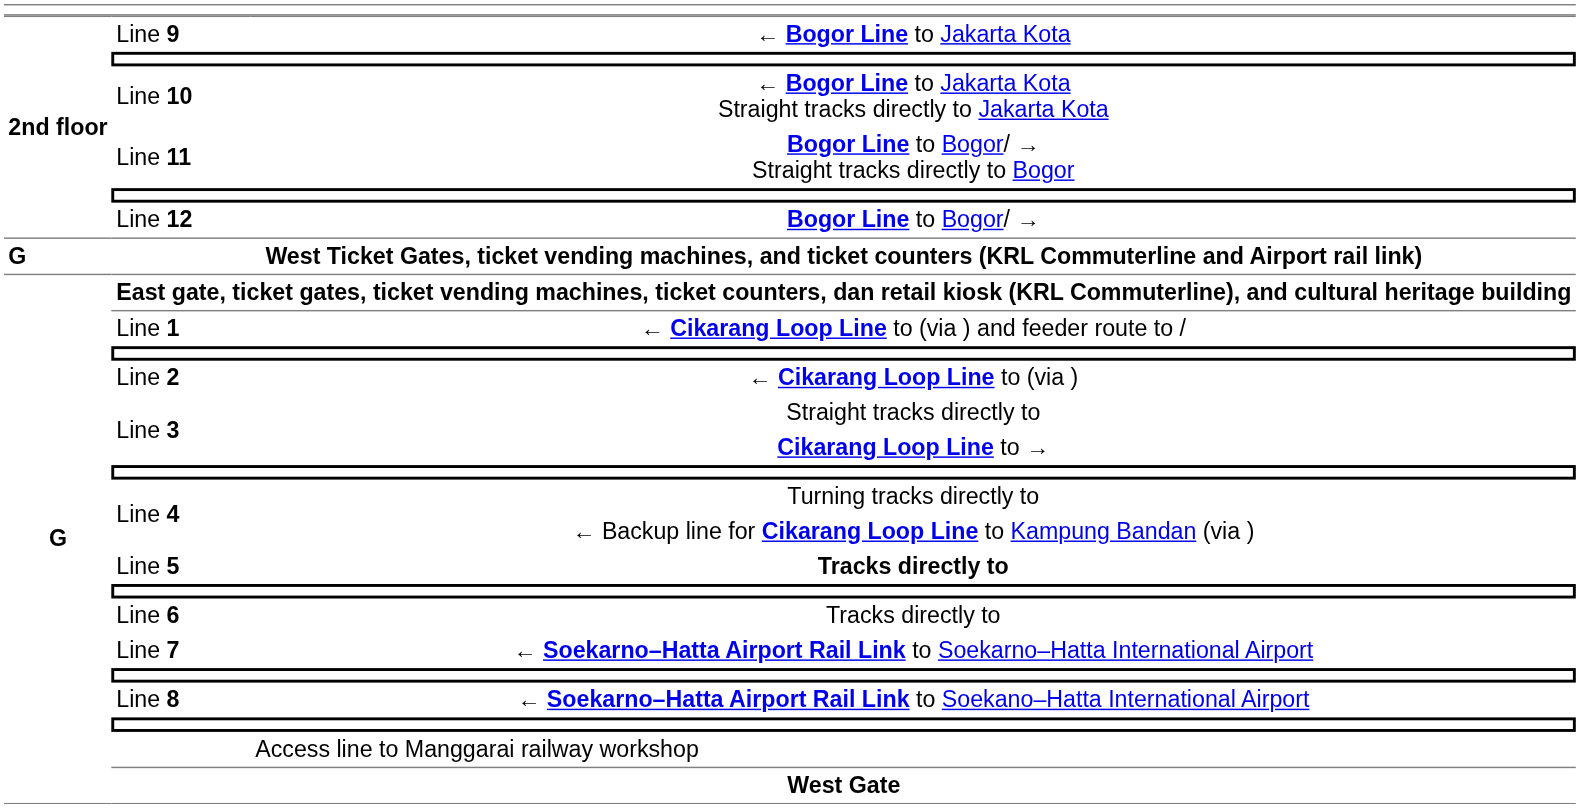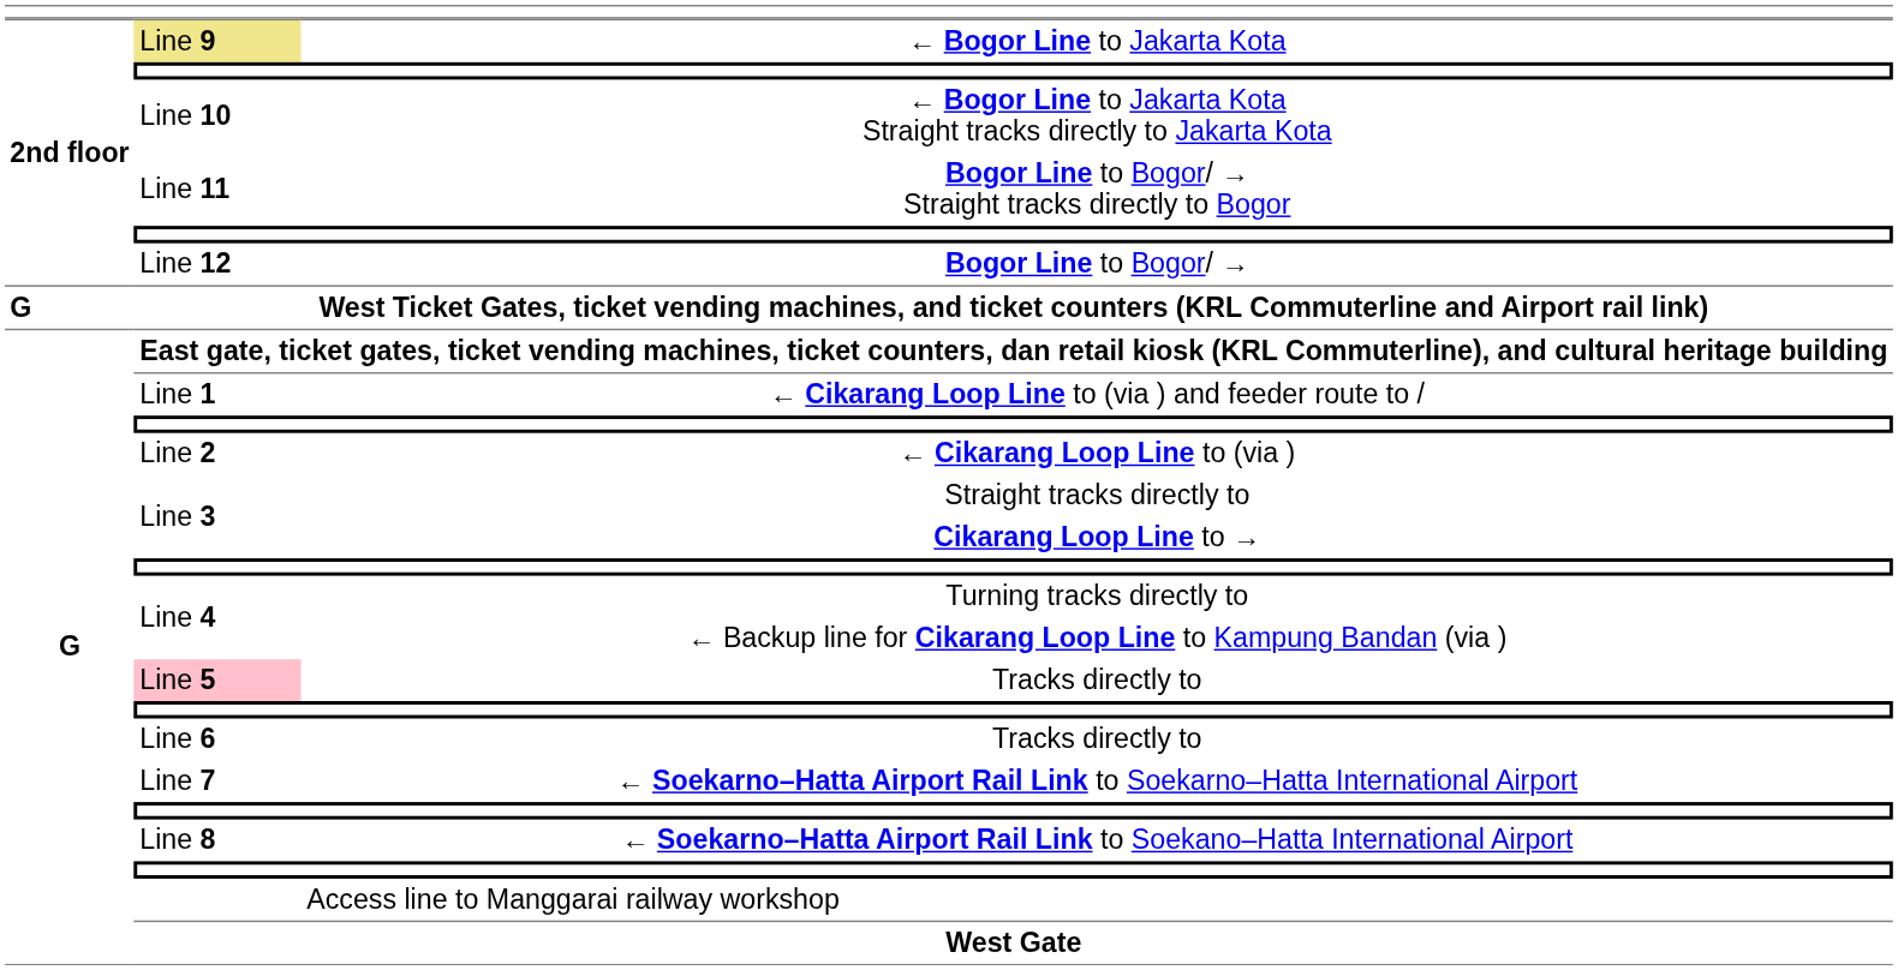 <table border=0 cellspacing=0 cellpadding=3>
 <tr>
 <td colspan="3" style="border-top:solid 1px gray;border-bottom:solid 1px gray;text-align:center">   </td>
 </tr>
 <tr>
 <td rowspan="6" style="border-top:solid 1px gray"><strong>2nd floor</strong></td>
-<td style="border-top:solid 1px gray">Line <strong>9</strong></td>
+<td style="background: khaki; border-top:solid 1px gray">Line <strong>9</strong></td>
 <td style="text-align:center;border-top:solid 1px gray">←   <a href='#'><strong>Bogor Line</strong></a> to <a href='#'>Jakarta Kota</a></td>
 </tr>
 <tr>
 <td colspan="2" style="text-align:center; border:solid 2px black"></td>
 </tr>
 <tr>
 <td>Line <strong>10</strong></td>
 <td style="text-align:center">←   <a href='#'><strong>Bogor Line</strong></a> to <a href='#'>Jakarta Kota</a><br>Straight tracks directly to <a href='#'>Jakarta Kota</a></td>
 </tr>
 <tr>
 <td>Line <strong>11</strong></td>
 <td style="text-align:center"> <strong><a href='#'>Bogor Line</a></strong> to <a href='#'>Bogor</a>/  →<br>Straight tracks directly to <a href='#'>Bogor</a></td>
 </tr>
 <tr>
 <td colspan="2" style="text-align:center; border:solid 2px black"></td>
 </tr>
 <tr>
 <td>Line <strong>12</strong></td>
 <td style="text-align:center"> <strong><a href='#'>Bogor Line</a></strong> to <a href='#'>Bogor</a>/  →</td>
 </tr>
 <tr>
 <td style="border-top:solid 1px gray"><strong>G</strong></td>
 <td colspan="2" style="text-align:center; border-top:solid 1px gray"><strong>West Ticket Gates, ticket vending machines, and ticket counters (KRL Commuterline and Airport rail link)</strong></td>
 </tr>
 <tr>
 <td rowspan="18" style="border-top:solid 1px gray;border-bottom:solid 1px gray;text-align:center"><strong>G</strong></td>
 <td colspan="2" style="text-align:center; border-top:solid 1px gray; border-bottom:solid 1px gray"><strong>East gate, ticket gates, ticket vending machines, ticket counters, dan retail kiosk (KRL Commuterline), and cultural heritage building</strong></td>
 </tr>
 <tr>
 <td>Line <strong>1</strong></td>
 <td style="text-align:center">←   <strong><a href='#'>Cikarang Loop Line</a></strong> to  (via ) and feeder route to /</td>
 </tr>
 <tr>
 <td colspan="2" style="text-align:center; border:solid 2px black"></td>
 </tr>
 <tr>
 <td>Line <strong>2</strong></td>
 <td style="text-align:center">←   <strong><a href='#'>Cikarang Loop Line</a></strong> to  (via )</td>
 </tr>
 <tr>
 <td rowspan="2">Line <strong>3</strong></td>
 <td style="text-align:center">Straight tracks directly to </td>
 </tr>
 <tr>
 <td style="text-align:center"> <strong><a href='#'>Cikarang Loop Line</a></strong> to   →</td>
 </tr>
 <tr>
 <td colspan="2" style="text-align:center; border:solid 2px black"></td>
 </tr>
 <tr>
 <td rowspan="2">Line <strong>4</strong></td>
 <td style="text-align:center">Turning tracks directly to </td>
 </tr>
 <tr>
 <td style="text-align:center">←  Backup line for  <strong><a href='#'>Cikarang Loop Line</a></strong> to <a href='#'>Kampung Bandan</a> (via )</td>
 </tr>
 <tr>
-<td>Line <strong>5</strong></td>
-<td style="text-align:center"><strong>Tracks directly to </strong></td>
+<td style="background: pink;">Line <strong>5</strong></td>
+<td style="text-align:center">Tracks directly to </td>
 </tr>
 <tr>
 <td colspan="2" style="text-align:center; border:solid 2px black"></td>
 </tr>
 <tr>
 <td>Line <strong>6</strong></td>
 <td style="text-align:center">Tracks directly to </td>
 </tr>
 <tr>
 <td>Line <strong>7</strong></td>
 <td style="text-align:center">←   <strong><a href='#'>Soekarno–Hatta Airport Rail Link</a></strong> to <a href='#'>Soekarno–Hatta International Airport</a></td>
 </tr>
 <tr>
 <td colspan="2" style="text-align:center; border:solid 2px black"></td>
 </tr>
 <tr>
 <td>Line <strong>8</strong></td>
 <td style="text-align:center">←   <strong><a href='#'>Soekarno–Hatta Airport Rail Link</a></strong> to <a href='#'>Soekano–Hatta International Airport</a></td>
 </tr>
 <tr>
 <td colspan="2" style="text-align:center; border:solid 2px black"></td>
 </tr>
 <tr>
 <td></td>
 <td>Access line to Manggarai railway workshop</td>
 </tr>
 <tr>
 <td colspan="2" style="border-top:solid 1px gray;border-bottom:solid 1px gray;text-align:center"><strong>West Gate</strong></td>
 </tr>
 </table>
